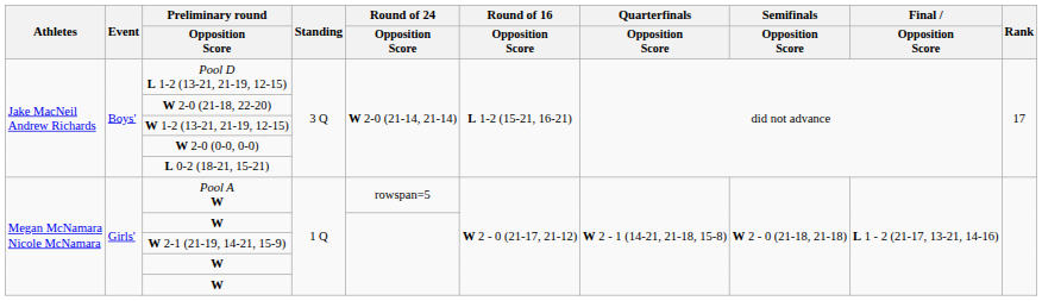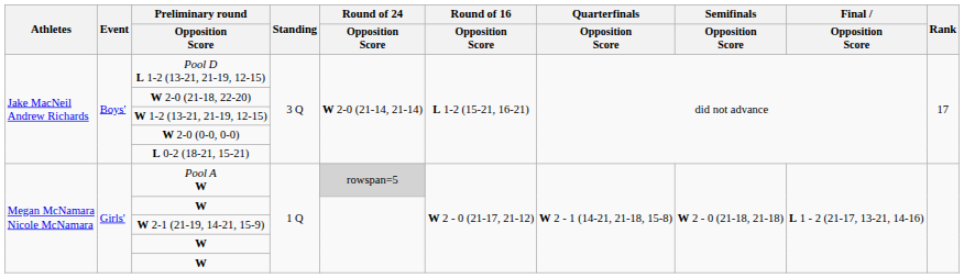 <table class=wikitable style="font-size:90%">
 <tr>
 <th rowspan="2">Athletes</th>
 <th rowspan="2">Event</th>
 <th>Preliminary round</th>
 <th rowspan="2">Standing</th>
 <th>Round of 24</th>
 <th>Round of 16</th>
 <th>Quarterfinals</th>
 <th>Semifinals</th>
 <th>Final / </th>
 <th rowspan=2>Rank</th>
 </tr>
 <tr style="font-size:95%">
 <th>Opposition<br>Score</th>
 <th>Opposition<br>Score</th>
 <th>Opposition<br>Score</th>
 <th>Opposition<br>Score</th>
 <th>Opposition<br>Score</th>
 <th>Opposition<br>Score</th>
 </tr>
 <tr align=center>
 <td align=left rowspan=5><a href='#'>Jake MacNeil</a><br><a href='#'>Andrew Richards</a></td>
 <td align=left rowspan=5><a href='#'>Boys'</a></td>
 <td><em>Pool D</em><br> <strong>L</strong> 1-2 (13-21, 21-19, 12-15)</td>
 <td rowspan=5>3 Q</td>
 <td rowspan=5> <strong>W</strong> 2-0 (21-14, 21-14)</td>
 <td rowspan=5> <strong>L</strong> 1-2 (15-21, 16-21)</td>
 <td rowspan=5 colspan=3>did not advance</td>
 <td rowspan=5>17</td>
 </tr>
 <tr align=center>
 <td> <strong>W</strong> 2-0 (21-18, 22-20)</td>
 </tr>
 <tr align=center>
 <td> <strong>W</strong> 1-2 (13-21, 21-19, 12-15)</td>
 </tr>
 <tr align=center>
 <td> <strong>W</strong> 2-0 (0-0, 0-0)</td>
 </tr>
 <tr align=center>
 <td> <strong>L</strong> 0-2 (18-21, 15-21)</td>
 </tr>
 <tr align=center>
 <td align=left rowspan=5><a href='#'>Megan McNamara</a><br><a href='#'>Nicole McNamara</a></td>
 <td align=left rowspan=5><a href='#'>Girls'</a></td>
 <td><em>Pool A</em><br> <strong>W</strong></td>
 <td rowspan=5>1 Q</td>
-<td>rowspan=5 </td>
+<td style="background: lightgrey;">rowspan=5 </td>
 <td rowspan=5> <strong>W</strong>   2 - 0 (21-17, 21-12)</td>
 <td rowspan=5> <strong>W</strong>   2 - 1 (14-21, 21-18, 15-8)</td>
 <td rowspan=5> <strong>W</strong>   2 - 0 (21-18, 21-18)</td>
 <td rowspan=5> <strong>L</strong>  1 - 2 (21-17, 13-21, 14-16)</td>
 <td rowspan=5></td>
 </tr>
 <tr align=center>
 <td> <strong>W</strong></td>
 </tr>
 <tr align=center>
 <td> <strong>W</strong> 2-1 (21-19, 14-21, 15-9)</td>
 </tr>
 <tr align=center>
 <td> <strong>W</strong></td>
 </tr>
 <tr align=center>
 <td> <strong>W</strong></td>
 </tr>
 </table>
